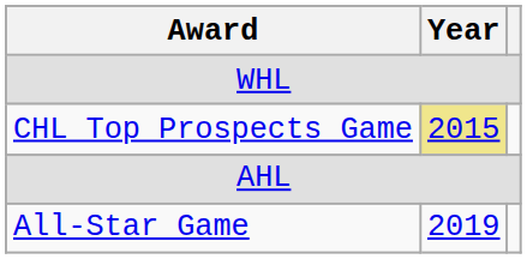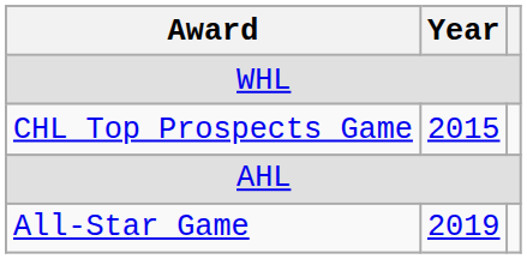 <table class="wikitable">
 <tr>
 <th>Award</th>
 <th>Year</th>
 <th></th>
 </tr>
 <tr ALIGN="center" bgcolor="#e0e0e0">
 <td colspan="3"><a href='#'>WHL</a></td>
 </tr>
 <tr>
 <td><a href='#'>CHL Top Prospects Game</a></td>
-<td style="background: khaki;"><a href='#'>2015</a></td>
+<td><a href='#'>2015</a></td>
 <td></td>
 </tr>
 <tr ALIGN="center" bgcolor="#e0e0e0">
 <td colspan="3"><a href='#'>AHL</a></td>
 </tr>
 <tr>
 <td><a href='#'>All-Star Game</a></td>
 <td><a href='#'>2019</a></td>
 <td></td>
 </tr>
 </table>
